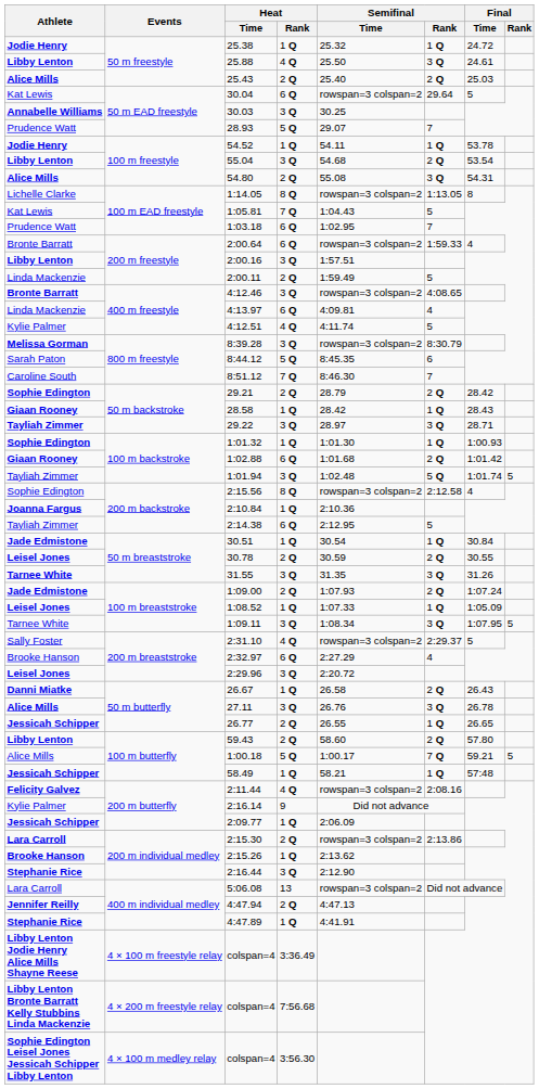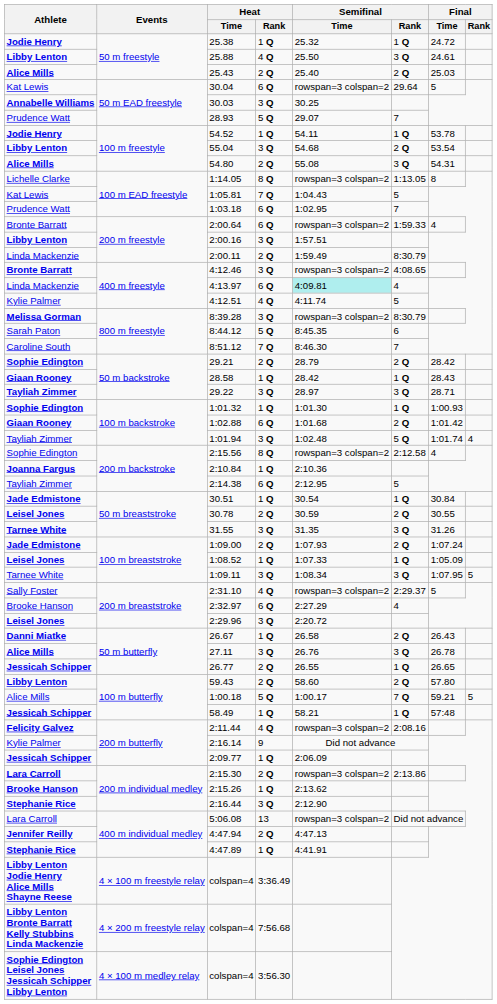 <table class=wikitable style="font-size:90%">
 <tr>
 <th rowspan="2">Athlete</th>
 <th rowspan="2">Events</th>
 <th colspan="2">Heat</th>
 <th colspan="2">Semifinal</th>
 <th colspan="2">Final</th>
 </tr>
 <tr style="font-size:95%">
 <th>Time</th>
 <th>Rank</th>
 <th>Time</th>
 <th>Rank</th>
 <th>Time</th>
 <th>Rank</th>
 </tr>
 <tr>
 <td><strong><a href='#'>Jodie Henry</a></strong></td>
 <td rowspan=3><a href='#'>50 m freestyle</a></td>
 <td>25.38</td>
 <td>1 <strong>Q</strong></td>
 <td>25.32</td>
 <td>1 <strong>Q</strong></td>
 <td>24.72</td>
 <td></td>
 </tr>
 <tr>
 <td><strong><a href='#'>Libby Lenton</a></strong></td>
 <td>25.88</td>
 <td>4 <strong>Q</strong></td>
 <td>25.50</td>
 <td>3 <strong>Q</strong></td>
 <td>24.61</td>
 <td></td>
 </tr>
 <tr>
 <td><strong><a href='#'>Alice Mills</a></strong></td>
 <td>25.43</td>
 <td>2 <strong>Q</strong></td>
 <td>25.40</td>
 <td>2 <strong>Q</strong></td>
 <td>25.03</td>
 <td></td>
 </tr>
 <tr>
 <td><a href='#'>Kat Lewis</a></td>
 <td rowspan=3><a href='#'>50 m EAD freestyle</a></td>
 <td>30.04</td>
 <td>6 <strong>Q</strong></td>
 <td>rowspan=3 colspan=2 </td>
 <td>29.64</td>
 <td>5</td>
 </tr>
 <tr>
 <td><strong><a href='#'>Annabelle Williams</a></strong></td>
 <td>30.03</td>
 <td>3 <strong>Q</strong></td>
 <td>30.25</td>
 <td></td>
 </tr>
 <tr>
 <td><a href='#'>Prudence Watt</a></td>
 <td>28.93</td>
 <td>5 <strong>Q</strong></td>
 <td>29.07</td>
 <td>7</td>
 </tr>
 <tr>
 <td><strong><a href='#'>Jodie Henry</a></strong></td>
 <td rowspan=3><a href='#'>100 m freestyle</a></td>
 <td>54.52</td>
 <td>1 <strong>Q</strong></td>
 <td>54.11</td>
 <td>1 <strong>Q</strong></td>
 <td>53.78</td>
 <td></td>
 </tr>
 <tr>
 <td><strong><a href='#'>Libby Lenton</a></strong></td>
 <td>55.04</td>
 <td>3 <strong>Q</strong></td>
 <td>54.68</td>
 <td>2 <strong>Q</strong></td>
 <td>53.54</td>
 <td></td>
 </tr>
 <tr>
 <td><strong><a href='#'>Alice Mills</a></strong></td>
 <td>54.80</td>
 <td>2 <strong>Q</strong></td>
 <td>55.08</td>
 <td>3 <strong>Q</strong></td>
 <td>54.31</td>
 <td></td>
 </tr>
 <tr>
 <td><a href='#'>Lichelle Clarke</a></td>
 <td rowspan=3><a href='#'>100 m EAD freestyle</a></td>
 <td>1:14.05</td>
 <td>8 <strong>Q</strong></td>
 <td>rowspan=3 colspan=2 </td>
 <td>1:13.05</td>
 <td>8</td>
 </tr>
 <tr>
 <td><a href='#'>Kat Lewis</a></td>
 <td>1:05.81</td>
 <td>7 <strong>Q</strong></td>
 <td>1:04.43</td>
 <td>5</td>
 </tr>
 <tr>
 <td><a href='#'>Prudence Watt</a></td>
 <td>1:03.18</td>
 <td>6 <strong>Q</strong></td>
 <td>1:02.95</td>
 <td>7</td>
 </tr>
 <tr>
 <td><a href='#'>Bronte Barratt</a></td>
 <td rowspan=3><a href='#'>200 m freestyle</a></td>
 <td>2:00.64</td>
 <td>6 <strong>Q</strong></td>
 <td>rowspan=3 colspan=2 </td>
 <td>1:59.33</td>
 <td>4</td>
 </tr>
 <tr>
 <td><strong><a href='#'>Libby Lenton</a></strong></td>
 <td>2:00.16</td>
 <td>3 <strong>Q</strong></td>
 <td>1:57.51</td>
 <td></td>
 </tr>
 <tr>
 <td><a href='#'>Linda Mackenzie</a></td>
 <td>2:00.11</td>
 <td>2 <strong>Q</strong></td>
 <td>1:59.49</td>
-<td>5</td>
+<td>8:30.79</td>
 </tr>
 <tr>
 <td><strong><a href='#'>Bronte Barratt</a></strong></td>
 <td rowspan=3><a href='#'>400 m freestyle</a></td>
 <td>4:12.46</td>
 <td>3 <strong>Q</strong></td>
 <td>rowspan=3 colspan=2 </td>
 <td>4:08.65</td>
 <td></td>
 </tr>
 <tr>
 <td><a href='#'>Linda Mackenzie</a></td>
 <td>4:13.97</td>
 <td>6 <strong>Q</strong></td>
-<td>4:09.81</td>
+<td style="background: paleturquoise;">4:09.81</td>
 <td>4</td>
 </tr>
 <tr>
 <td><a href='#'>Kylie Palmer</a></td>
 <td>4:12.51</td>
 <td>4 <strong>Q</strong></td>
 <td>4:11.74</td>
 <td>5</td>
 </tr>
 <tr>
 <td><strong><a href='#'>Melissa Gorman</a></strong></td>
 <td rowspan=3><a href='#'>800 m freestyle</a></td>
 <td>8:39.28</td>
 <td>3 <strong>Q</strong></td>
 <td>rowspan=3 colspan=2 </td>
 <td>8:30.79</td>
 <td></td>
 </tr>
 <tr>
 <td><a href='#'>Sarah Paton</a></td>
 <td>8:44.12</td>
 <td>5 <strong>Q</strong></td>
 <td>8:45.35</td>
 <td>6</td>
 </tr>
 <tr>
 <td><a href='#'>Caroline South</a></td>
 <td>8:51.12</td>
 <td>7 <strong>Q</strong></td>
 <td>8:46.30</td>
 <td>7</td>
 </tr>
 <tr>
 <td><strong><a href='#'>Sophie Edington</a></strong></td>
 <td rowspan=3><a href='#'>50 m backstroke</a></td>
 <td>29.21</td>
 <td>2 <strong>Q</strong></td>
 <td>28.79</td>
 <td>2 <strong>Q</strong></td>
 <td>28.42</td>
 <td></td>
 </tr>
 <tr>
 <td><strong><a href='#'>Giaan Rooney</a></strong></td>
 <td>28.58</td>
 <td>1 <strong>Q</strong></td>
 <td>28.42</td>
 <td>1 <strong>Q</strong></td>
 <td>28.43</td>
 <td></td>
 </tr>
 <tr>
 <td><strong><a href='#'>Tayliah Zimmer</a></strong></td>
 <td>29.22</td>
 <td>3 <strong>Q</strong></td>
 <td>28.97</td>
 <td>3 <strong>Q</strong></td>
 <td>28.71</td>
 <td></td>
 </tr>
 <tr>
 <td><strong><a href='#'>Sophie Edington</a></strong></td>
 <td rowspan=3><a href='#'>100 m backstroke</a></td>
 <td>1:01.32</td>
 <td>1 <strong>Q</strong></td>
 <td>1:01.30</td>
 <td>1 <strong>Q</strong></td>
 <td>1:00.93</td>
 <td></td>
 </tr>
 <tr>
 <td><strong><a href='#'>Giaan Rooney</a></strong></td>
 <td>1:02.88</td>
 <td>6 <strong>Q</strong></td>
 <td>1:01.68</td>
 <td>2 <strong>Q</strong></td>
 <td>1:01.42</td>
 <td></td>
 </tr>
 <tr>
 <td><a href='#'>Tayliah Zimmer</a></td>
 <td>1:01.94</td>
 <td>3 <strong>Q</strong></td>
 <td>1:02.48</td>
 <td>5 <strong>Q</strong></td>
 <td>1:01.74</td>
-<td>5</td>
+<td>4</td>
 </tr>
 <tr>
 <td><a href='#'>Sophie Edington</a></td>
 <td rowspan=3><a href='#'>200 m backstroke</a></td>
 <td>2:15.56</td>
 <td>8 <strong>Q</strong></td>
 <td>rowspan=3 colspan=2 </td>
 <td>2:12.58</td>
 <td>4</td>
 </tr>
 <tr>
 <td><strong><a href='#'>Joanna Fargus</a></strong></td>
 <td>2:10.84</td>
 <td>1 <strong>Q</strong></td>
 <td>2:10.36</td>
 <td></td>
 </tr>
 <tr>
 <td><a href='#'>Tayliah Zimmer</a></td>
 <td>2:14.38</td>
 <td>6 <strong>Q</strong></td>
 <td>2:12.95</td>
 <td>5</td>
 </tr>
 <tr>
 <td><strong><a href='#'>Jade Edmistone</a></strong></td>
 <td rowspan=3><a href='#'>50 m breaststroke</a></td>
 <td>30.51</td>
 <td>1 <strong>Q</strong></td>
 <td>30.54</td>
 <td>1 <strong>Q</strong></td>
 <td>30.84</td>
 <td></td>
 </tr>
 <tr>
 <td><strong><a href='#'>Leisel Jones</a></strong></td>
 <td>30.78</td>
 <td>2 <strong>Q</strong></td>
 <td>30.59</td>
 <td>2 <strong>Q</strong></td>
 <td>30.55</td>
 <td></td>
 </tr>
 <tr>
 <td><strong><a href='#'>Tarnee White</a></strong></td>
 <td>31.55</td>
 <td>3 <strong>Q</strong></td>
 <td>31.35</td>
 <td>3 <strong>Q</strong></td>
 <td>31.26</td>
 <td></td>
 </tr>
 <tr>
 <td><strong><a href='#'>Jade Edmistone</a></strong></td>
 <td rowspan=3><a href='#'>100 m breaststroke</a></td>
 <td>1:09.00</td>
 <td>2 <strong>Q</strong></td>
 <td>1:07.93</td>
 <td>2 <strong>Q</strong></td>
 <td>1:07.24</td>
 <td></td>
 </tr>
 <tr>
 <td><strong><a href='#'>Leisel Jones</a></strong></td>
 <td>1:08.52</td>
 <td>1 <strong>Q</strong></td>
 <td>1:07.33</td>
 <td>1 <strong>Q</strong></td>
 <td>1:05.09</td>
 <td></td>
 </tr>
 <tr>
 <td><a href='#'>Tarnee White</a></td>
 <td>1:09.11</td>
 <td>3 <strong>Q</strong></td>
 <td>1:08.34</td>
 <td>3 <strong>Q</strong></td>
 <td>1:07.95</td>
 <td>5</td>
 </tr>
 <tr>
 <td><a href='#'>Sally Foster</a></td>
 <td rowspan=3><a href='#'>200 m breaststroke</a></td>
 <td>2:31.10</td>
 <td>4 <strong>Q</strong></td>
 <td>rowspan=3 colspan=2 </td>
 <td>2:29.37</td>
 <td>5</td>
 </tr>
 <tr>
 <td><a href='#'>Brooke Hanson</a></td>
 <td>2:32.97</td>
 <td>6 <strong>Q</strong></td>
 <td>2:27.29</td>
 <td>4</td>
 </tr>
 <tr>
 <td><strong><a href='#'>Leisel Jones</a></strong></td>
 <td>2:29.96</td>
 <td>3 <strong>Q</strong></td>
 <td>2:20.72</td>
 <td></td>
 </tr>
 <tr>
 <td><strong><a href='#'>Danni Miatke</a></strong></td>
 <td rowspan=3><a href='#'>50 m butterfly</a></td>
 <td>26.67</td>
 <td>1 <strong>Q</strong></td>
 <td>26.58</td>
 <td>2 <strong>Q</strong></td>
 <td>26.43</td>
 <td></td>
 </tr>
 <tr>
 <td><strong><a href='#'>Alice Mills</a></strong></td>
 <td>27.11</td>
 <td>3 <strong>Q</strong></td>
 <td>26.76</td>
 <td>3 <strong>Q</strong></td>
 <td>26.78</td>
 <td></td>
 </tr>
 <tr>
 <td><strong><a href='#'>Jessicah Schipper</a></strong></td>
 <td>26.77</td>
 <td>2 <strong>Q</strong></td>
 <td>26.55</td>
 <td>1 <strong>Q</strong></td>
 <td>26.65</td>
 <td></td>
 </tr>
 <tr>
 <td><strong><a href='#'>Libby Lenton</a></strong></td>
 <td rowspan=3><a href='#'>100 m butterfly</a></td>
 <td>59.43</td>
 <td>2 <strong>Q</strong></td>
 <td>58.60</td>
 <td>2 <strong>Q</strong></td>
 <td>57.80</td>
 <td></td>
 </tr>
 <tr>
 <td><a href='#'>Alice Mills</a></td>
 <td>1:00.18</td>
 <td>5 <strong>Q</strong></td>
 <td>1:00.17</td>
 <td>7 <strong>Q</strong></td>
 <td>59.21</td>
 <td>5</td>
 </tr>
 <tr>
 <td><strong><a href='#'>Jessicah Schipper</a></strong></td>
 <td>58.49</td>
 <td>1 <strong>Q</strong></td>
 <td>58.21</td>
 <td>1 <strong>Q</strong></td>
 <td>57:48</td>
 <td></td>
 </tr>
 <tr>
 <td><strong><a href='#'>Felicity Galvez</a></strong></td>
 <td rowspan=3><a href='#'>200 m butterfly</a></td>
 <td>2:11.44</td>
 <td>4 <strong>Q</strong></td>
 <td>rowspan=3 colspan=2 </td>
 <td>2:08.16</td>
 <td></td>
 </tr>
 <tr>
 <td><a href='#'>Kylie Palmer</a></td>
 <td>2:16.14</td>
 <td>9</td>
 <td colspan=2 align=center>Did not advance</td>
 </tr>
 <tr>
 <td><strong><a href='#'>Jessicah Schipper</a></strong></td>
 <td>2:09.77</td>
 <td>1 <strong>Q</strong></td>
 <td>2:06.09</td>
 <td></td>
 </tr>
 <tr>
 <td><strong><a href='#'>Lara Carroll</a></strong></td>
 <td rowspan=3><a href='#'>200 m individual medley</a></td>
 <td>2:15.30</td>
 <td>2 <strong>Q</strong></td>
 <td>rowspan=3 colspan=2 </td>
 <td>2:13.86</td>
 <td></td>
 </tr>
 <tr>
 <td><strong><a href='#'>Brooke Hanson</a></strong></td>
 <td>2:15.26</td>
 <td>1 <strong>Q</strong></td>
 <td>2:13.62</td>
 <td></td>
 </tr>
 <tr>
 <td><strong><a href='#'>Stephanie Rice</a></strong></td>
 <td>2:16.44</td>
 <td>3 <strong>Q</strong></td>
 <td>2:12.90</td>
 <td></td>
 </tr>
 <tr>
 <td><a href='#'>Lara Carroll</a></td>
 <td rowspan=3><a href='#'>400 m individual medley</a></td>
 <td>5:06.08</td>
 <td>13</td>
 <td>rowspan=3 colspan=2 </td>
 <td colspan=2 align=center>Did not advance</td>
 </tr>
 <tr>
 <td><strong><a href='#'>Jennifer Reilly</a></strong></td>
 <td>4:47.94</td>
 <td>2 <strong>Q</strong></td>
 <td>4:47.13</td>
 <td></td>
 </tr>
 <tr>
 <td><strong><a href='#'>Stephanie Rice</a></strong></td>
 <td>4:47.89</td>
 <td>1 <strong>Q</strong></td>
 <td>4:41.91</td>
 <td></td>
 </tr>
 <tr>
 <td><strong><a href='#'>Libby Lenton</a><br><a href='#'>Jodie Henry</a><br><a href='#'>Alice Mills</a><br><a href='#'>Shayne Reese</a></strong></td>
 <td><a href='#'>4 × 100 m freestyle relay</a></td>
 <td>colspan=4 </td>
 <td>3:36.49</td>
 <td></td>
 </tr>
 <tr>
 <td><strong><a href='#'>Libby Lenton</a><br><a href='#'>Bronte Barratt</a><br><a href='#'>Kelly Stubbins</a><br><a href='#'>Linda Mackenzie</a></strong></td>
 <td><a href='#'>4 × 200 m freestyle relay</a></td>
 <td>colspan=4 </td>
 <td>7:56.68</td>
 <td></td>
 </tr>
 <tr>
 <td><strong><a href='#'>Sophie Edington</a><br><a href='#'>Leisel Jones</a><br><a href='#'>Jessicah Schipper</a><br><a href='#'>Libby Lenton</a></strong></td>
 <td><a href='#'>4 × 100 m medley relay</a></td>
 <td>colspan=4 </td>
 <td>3:56.30</td>
 <td></td>
 </tr>
 </table>
